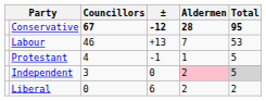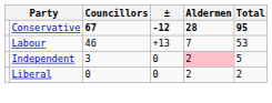 <table class="wikitable">
 <tr>
 <th colspan="2">Party</th>
 <th>Councillors</th>
 <th>  ±  </th>
 <th>Aldermen</th>
 <th>Total</th>
 </tr>
 <tr>
 <td style="background-color: "></td>
 <td><a href='#'>Conservative</a></td>
 <td><strong>67</strong></td>
 <td><strong>-12</strong></td>
 <td><strong>28</strong></td>
 <td><strong>95</strong></td>
 </tr>
 <tr>
 <td style="background-color: "></td>
 <td><a href='#'>Labour</a></td>
 <td>46</td>
 <td>+13</td>
 <td>7</td>
 <td>53</td>
 </tr>
 <tr>
 <td style="background-color: "></td>
-<td><a href='#'>Protestant</a></td>
-<td>4</td>
-<td>-1</td>
-<td>1</td>
-<td>5</td>
-</tr>
-<tr>
-<td style="background-color: "></td>
 <td><a href='#'>Independent</a></td>
 <td>3</td>
 <td>0</td>
 <td style="background: pink;">2</td>
-<td style="background: lightgrey;">5</td>
+<td>5</td>
 </tr>
 <tr>
 <td style="background-color: "></td>
 <td><a href='#'>Liberal</a></td>
 <td>0</td>
-<td>6</td>
+<td>0</td>
 <td>2</td>
 <td>2</td>
 </tr>
 </table>
